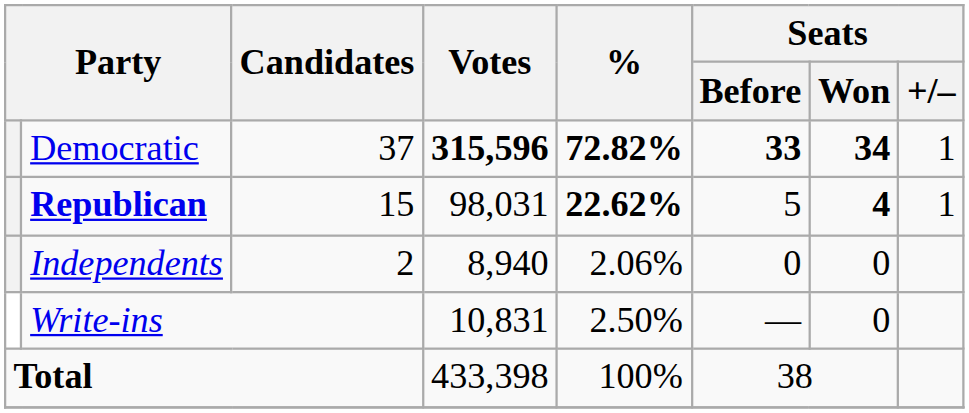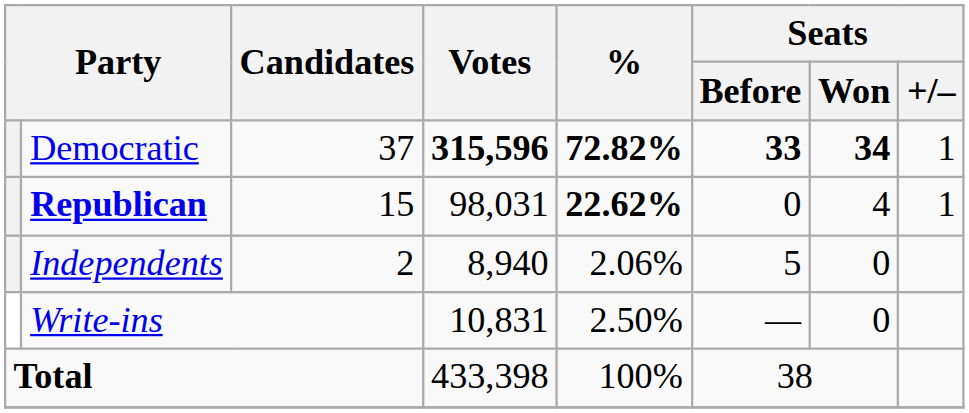 <table class="wikitable">
 <tr>
 <th rowspan="2" colspan="2">Party</th>
 <th rowspan="2">Candidates</th>
 <th rowspan="2">Votes</th>
 <th rowspan="2">%</th>
 <th colspan="3">Seats</th>
 </tr>
 <tr>
 <th>Before</th>
 <th>Won</th>
 <th>+/–</th>
 </tr>
 <tr>
 <th style="background-color:"></th>
 <td><a href='#'>Democratic</a></td>
 <td align="right">37</td>
 <td align="right"><strong>315,596</strong></td>
 <td align="right"><strong>72.82%</strong></td>
 <td align="right"><strong>33</strong></td>
 <td align="right"><strong>34</strong></td>
 <td align="right"> 1</td>
 </tr>
 <tr>
 <th style="background-color:"></th>
 <td><strong><a href='#'>Republican</a></strong></td>
 <td align="right">15</td>
 <td align="right">98,031</td>
 <td align="right"><strong>22.62%</strong></td>
-<td align="right">5</td>
-<td align="right"><strong>4</strong></td>
+<td align="right">0</td>
+<td align="right">4</td>
 <td align="right"> 1</td>
 </tr>
 <tr>
 <th style="background-color:"></th>
 <td><em><a href='#'>Independents</a></em></td>
 <td align="right">2</td>
 <td align="right">8,940</td>
 <td align="right">2.06%</td>
-<td align="right">0</td>
+<td align="right">5</td>
 <td align="right">0</td>
 <td align="right"></td>
 </tr>
 <tr>
 <th style="background-color:#ffffff"></th>
 <td colspan=2><em><a href='#'>Write-ins</a></em></td>
 <td align="right">10,831</td>
 <td align="right">2.50%</td>
 <td align="right">—</td>
 <td align="right">0</td>
 <td align="right"></td>
 </tr>
 <tr>
 <td colspan="3"><strong>Total</strong></td>
 <td align="right">433,398</td>
 <td align="right">100%</td>
 <td colspan="2" align="center">38</td>
 <td align="right"></td>
 </tr>
 <tr>
 </tr>
 </table>
